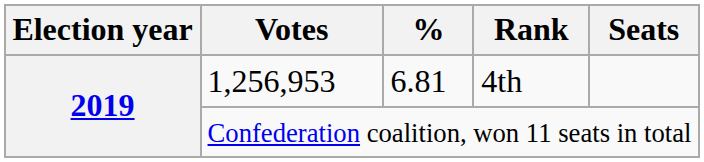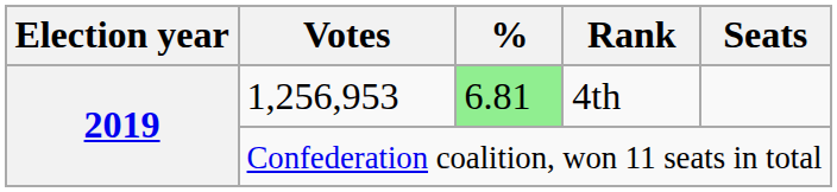 <table class=wikitable>
 <tr>
 <th>Election year</th>
 <th>Votes</th>
 <th>%</th>
 <th>Rank</th>
 <th>Seats</th>
 </tr>
 <tr>
 <th rowspan="2"><a href='#'>2019</a></th>
 <td>1,256,953</td>
-<td>6.81</td>
+<td style="background: lightgreen;">6.81</td>
 <td>4th</td>
 <td></td>
 </tr>
 <tr>
 <td colspan="4"><small> <a href='#'>Confederation</a> coalition, won 11 seats in total</small></td>
 </tr>
 </table>
